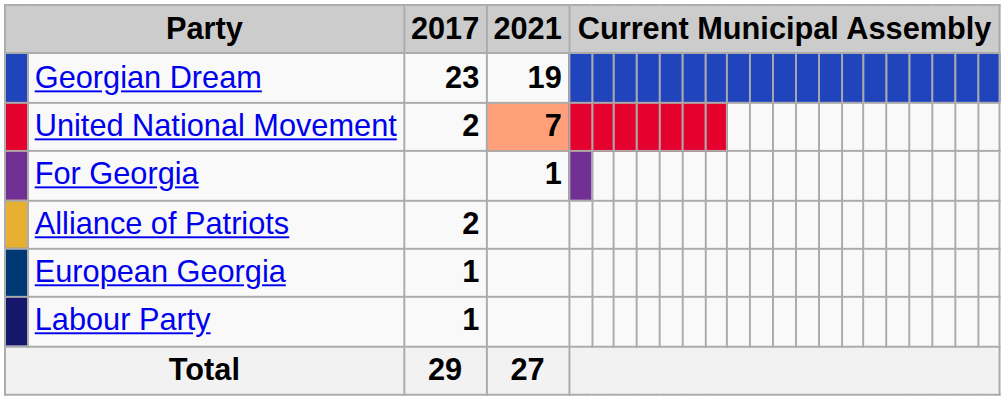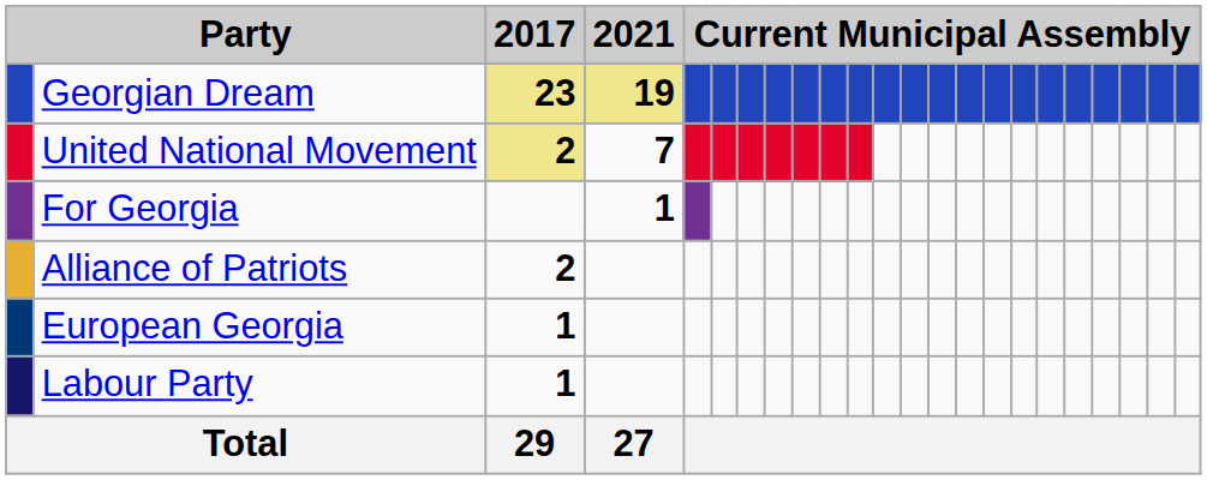 <table class="wikitable">
 <tr>
 <th style="background:#ccc" colspan="2">Party</th>
 <th style="background:#ccc">2017</th>
 <th style="background:#ccc">2021</th>
 <th style="background:#ccc" colspan="23">Current Municipal Assembly</th>
 </tr>
 <tr>
 <td style="background-color: #2044BC"> </td>
 <td><a href='#'>Georgian Dream</a></td>
-<td style="text-align: right"><strong>23</strong></td>
-<td style="text-align: right"><strong>19</strong></td>
+<td style="background: khaki; text-align: right"><strong>23</strong></td>
+<td style="background: khaki; text-align: right"><strong>19</strong></td>
 <td style="background-color: #2044BC"></td>
 <td style="background-color: #2044BC"> </td>
 <td style="background-color: #2044BC"> </td>
 <td style="background-color: #2044BC"> </td>
 <td style="background-color: #2044BC"> </td>
 <td style="background-color: #2044BC"> </td>
 <td style="background-color: #2044BC"> </td>
 <td style="background-color: #2044BC"> </td>
 <td style="background-color: #2044BC"> </td>
 <td style="background-color: #2044BC"> </td>
 <td style="background-color: #2044BC"> </td>
 <td style="background-color: #2044BC"> </td>
 <td style="background-color: #2044BC"> </td>
 <td style="background-color: #2044BC"> </td>
 <td style="background-color: #2044BC"> </td>
 <td style="background-color: #2044BC"> </td>
 <td style="background-color: #2044BC"> </td>
 <td style="background-color: #2044BC"> </td>
 <td style="background-color: #2044BC"> </td>
 </tr>
 <tr>
 <td style="background-color: #e4012e"> </td>
 <td><a href='#'>United National Movement</a></td>
-<td style="text-align: right"><strong>2</strong></td>
-<td style="background: lightsalmon; text-align: right"><strong>7</strong></td>
+<td style="background: khaki; text-align: right"><strong>2</strong></td>
+<td style="text-align: right"><strong>7</strong></td>
 <td style="background-color: #e4012e"> </td>
 <td style="background-color: #e4012e"> </td>
 <td style="background-color: #e4012e"> </td>
 <td style="background-color: #e4012e"> </td>
 <td style="background-color: #e4012e"> </td>
 <td style="background-color: #e4012e"> </td>
 <td style="background-color: #e4012e"> </td>
 <td> </td>
 <td> </td>
 <td> </td>
 <td> </td>
 <td> </td>
 <td> </td>
 <td> </td>
 <td> </td>
 <td> </td>
 <td> </td>
 <td> </td>
 <td> </td>
 </tr>
 <tr>
 <td style="background-color: #702F92"> </td>
 <td><a href='#'>For Georgia</a></td>
 <td></td>
 <td style="text-align: right"><strong>1</strong></td>
 <td style="background-color: #702f92"> </td>
 <td> </td>
 <td> </td>
 <td> </td>
 <td> </td>
 <td> </td>
 <td> </td>
 <td> </td>
 <td> </td>
 <td> </td>
 <td> </td>
 <td> </td>
 <td> </td>
 <td> </td>
 <td> </td>
 <td> </td>
 <td> </td>
 <td> </td>
 <td> </td>
 </tr>
 <tr>
 <td style="background-color: #e7b031"> </td>
 <td><a href='#'>Alliance of Patriots</a></td>
 <td style="text-align: right"><strong>2</strong></td>
 <td></td>
 <td> </td>
 <td> </td>
 <td> </td>
 <td> </td>
 <td> </td>
 <td> </td>
 <td> </td>
 <td> </td>
 <td> </td>
 <td> </td>
 <td> </td>
 <td> </td>
 <td> </td>
 <td> </td>
 <td> </td>
 <td> </td>
 <td> </td>
 <td> </td>
 <td> </td>
 </tr>
 <tr>
 <td style="background-color: #003876"> </td>
 <td><a href='#'>European Georgia</a></td>
 <td style="text-align: right"><strong>1</strong></td>
 <td></td>
 <td> </td>
 <td> </td>
 <td> </td>
 <td> </td>
 <td> </td>
 <td> </td>
 <td> </td>
 <td> </td>
 <td> </td>
 <td> </td>
 <td> </td>
 <td> </td>
 <td> </td>
 <td> </td>
 <td> </td>
 <td> </td>
 <td> </td>
 <td> </td>
 <td> </td>
 </tr>
 <tr>
 <td style="background-color: #16166b"> </td>
 <td><a href='#'>Labour Party</a></td>
 <td style="text-align: right"><strong>1</strong></td>
 <td></td>
 <td> </td>
 <td> </td>
 <td> </td>
 <td> </td>
 <td> </td>
 <td> </td>
 <td> </td>
 <td> </td>
 <td> </td>
 <td> </td>
 <td> </td>
 <td> </td>
 <td> </td>
 <td> </td>
 <td> </td>
 <td> </td>
 <td> </td>
 <td> </td>
 </tr>
 <tr>
 <th colspan=2>Total</th>
 <th align=right>29</th>
 <th align=right>27</th>
 <th colspan=45> </th>
 </tr>
 </table>
